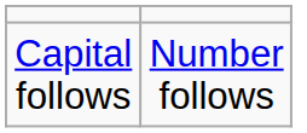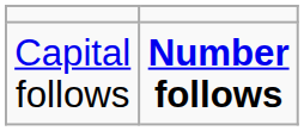 <table class=wikitable>
 <tr align=center>
 <td></td>
 <td></td>
 </tr>
 <tr align=center>
 <td><a href='#'>Capital</a><br>follows</td>
-<td><a href='#'>Number</a><br>follows</td>
+<td><strong><a href='#'>Number</a><br>follows</strong></td>
 </tr>
 </table>
